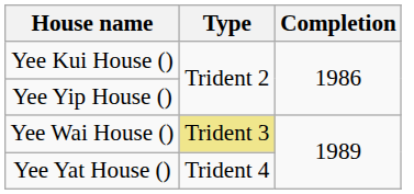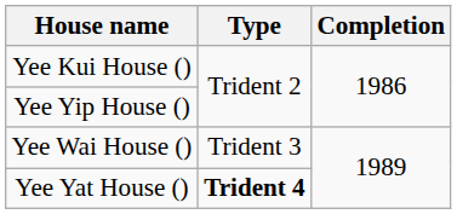 <table class="wikitable" style="text-align: center;">
 <tr>
 <th>House name</th>
 <th>Type</th>
 <th>Completion</th>
 </tr>
 <tr>
 <td>Yee Kui House ()</td>
 <td rowspan="2">Trident 2</td>
 <td rowspan="2">1986</td>
 </tr>
 <tr>
 <td>Yee Yip House ()</td>
 </tr>
 <tr>
 <td>Yee Wai House ()</td>
-<td style="background: khaki;">Trident 3</td>
+<td>Trident 3</td>
 <td rowspan="2">1989</td>
 </tr>
 <tr>
 <td>Yee Yat House ()</td>
-<td>Trident 4</td>
+<td><strong>Trident 4</strong></td>
 </tr>
 </table>
